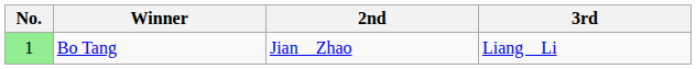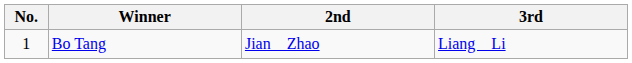 <table class="wikitable" width=100%>
 <tr>
 <th width=7%>No.</th>
 <th width=31%>Winner</th>
 <th width=31%>2nd</th>
 <th width=31%>3rd</th>
 </tr>
 <tr align=center>
-<td style="background: lightgreen;">1</td>
+<td>1</td>
 <td align=left><a href='#'>Bo Tang</a> </td>
 <td align=left><a href='#'>Jian　Zhao</a> </td>
 <td align=left><a href='#'>Liang　Li</a> </td>
 </tr>
 <tr align=center>
 </tr>
 </table>
